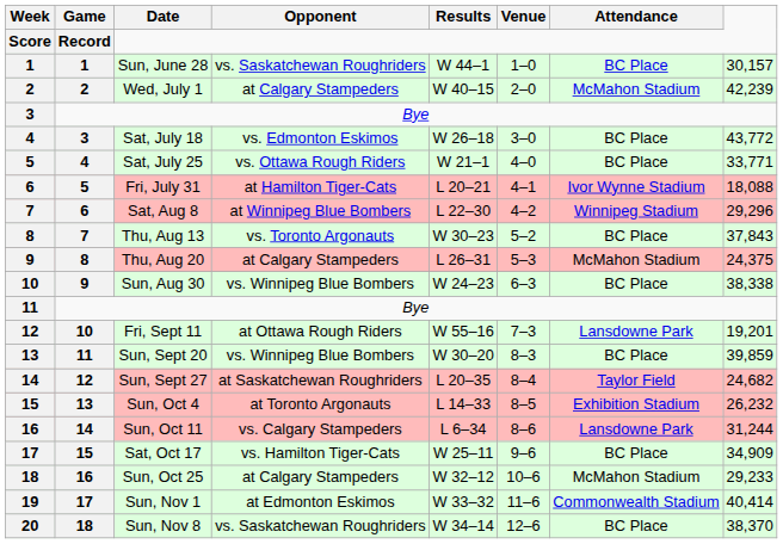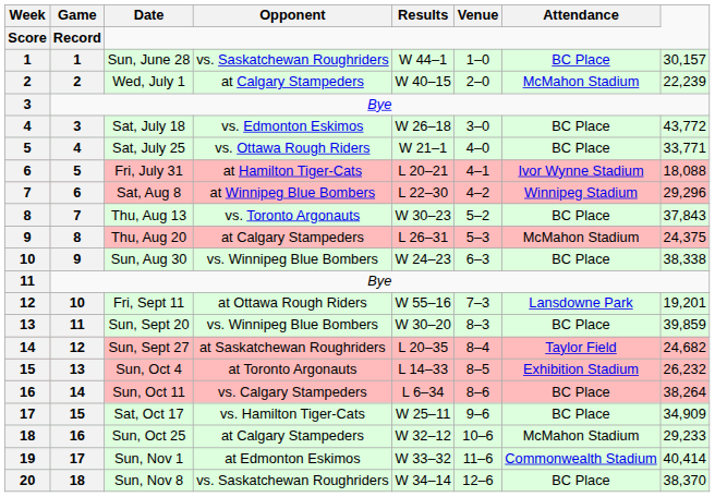 <table class="wikitable" style="text-align:center">
 <tr>
 <th>Week</th>
 <th>Game</th>
 <th>Date</th>
 <th>Opponent</th>
 <th>Results</th>
 <th>Venue</th>
 <th>Attendance</th>
 </tr>
 <tr>
 <th>Score</th>
 <th>Record</th>
 </tr>
 <tr style="background:#ddffdd">
 <th>1</th>
 <th>1</th>
 <td>Sun, June 28</td>
 <td>vs. <a href='#'>Saskatchewan Roughriders</a></td>
 <td>W 44–1</td>
 <td>1–0</td>
 <td><a href='#'>BC Place</a></td>
 <td>30,157</td>
 </tr>
 <tr style="background:#ddffdd">
 <th>2</th>
 <th>2</th>
 <td>Wed, July 1</td>
 <td>at <a href='#'>Calgary Stampeders</a></td>
 <td>W 40–15</td>
 <td>2–0</td>
 <td><a href='#'>McMahon Stadium</a></td>
-<td>42,239</td>
+<td>22,239</td>
 </tr>
 <tr>
 <th>3</th>
 <td colspan=7><em><a href='#'>Bye</a></em></td>
 </tr>
 <tr style="background:#ddffdd">
 <th>4</th>
 <th>3</th>
 <td>Sat, July 18</td>
 <td>vs. <a href='#'>Edmonton Eskimos</a></td>
 <td>W 26–18</td>
 <td>3–0</td>
 <td>BC Place</td>
 <td>43,772</td>
 </tr>
 <tr style="background:#ddffdd">
 <th>5</th>
 <th>4</th>
 <td>Sat, July 25</td>
 <td>vs. <a href='#'>Ottawa Rough Riders</a></td>
 <td>W 21–1</td>
 <td>4–0</td>
 <td>BC Place</td>
 <td>33,771</td>
 </tr>
 <tr style="background:#ffbbbb">
 <th>6</th>
 <th>5</th>
 <td>Fri, July 31</td>
 <td>at <a href='#'>Hamilton Tiger-Cats</a></td>
 <td>L 20–21</td>
 <td>4–1</td>
 <td><a href='#'>Ivor Wynne Stadium</a></td>
 <td>18,088</td>
 </tr>
 <tr style="background:#ffbbbb">
 <th>7</th>
 <th>6</th>
 <td>Sat, Aug 8</td>
 <td>at <a href='#'>Winnipeg Blue Bombers</a></td>
 <td>L 22–30</td>
 <td>4–2</td>
 <td><a href='#'>Winnipeg Stadium</a></td>
 <td>29,296</td>
 </tr>
 <tr style="background:#ddffdd">
 <th>8</th>
 <th>7</th>
 <td>Thu, Aug 13</td>
 <td>vs. <a href='#'>Toronto Argonauts</a></td>
 <td>W 30–23</td>
 <td>5–2</td>
 <td>BC Place</td>
 <td>37,843</td>
 </tr>
 <tr style="background:#ffbbbb">
 <th>9</th>
 <th>8</th>
 <td>Thu, Aug 20</td>
 <td>at Calgary Stampeders</td>
 <td>L 26–31</td>
 <td>5–3</td>
 <td>McMahon Stadium</td>
 <td>24,375</td>
 </tr>
 <tr style="background:#ddffdd">
 <th>10</th>
 <th>9</th>
 <td>Sun, Aug 30</td>
 <td>vs. Winnipeg Blue Bombers</td>
 <td>W 24–23</td>
 <td>6–3</td>
 <td>BC Place</td>
 <td>38,338</td>
 </tr>
 <tr>
 <th>11</th>
 <td colspan=7><em>Bye</em></td>
 </tr>
 <tr style="background:#ddffdd">
 <th>12</th>
 <th>10</th>
 <td>Fri, Sept 11</td>
 <td>at Ottawa Rough Riders</td>
 <td>W 55–16</td>
 <td>7–3</td>
 <td><a href='#'>Lansdowne Park</a></td>
 <td>19,201</td>
 </tr>
 <tr style="background:#ddffdd">
 <th>13</th>
 <th>11</th>
 <td>Sun, Sept 20</td>
 <td>vs. Winnipeg Blue Bombers</td>
 <td>W 30–20</td>
 <td>8–3</td>
 <td>BC Place</td>
 <td>39,859</td>
 </tr>
 <tr style="background:#ffbbbb">
 <th>14</th>
 <th>12</th>
 <td>Sun, Sept 27</td>
 <td>at Saskatchewan Roughriders</td>
 <td>L 20–35</td>
 <td>8–4</td>
 <td><a href='#'>Taylor Field</a></td>
 <td>24,682</td>
 </tr>
 <tr style="background:#ffbbbb">
 <th>15</th>
 <th>13</th>
 <td>Sun, Oct 4</td>
 <td>at Toronto Argonauts</td>
 <td>L 14–33</td>
 <td>8–5</td>
 <td><a href='#'>Exhibition Stadium</a></td>
 <td>26,232</td>
 </tr>
 <tr style="background:#ffbbbb">
 <th>16</th>
 <th>14</th>
 <td>Sun, Oct 11</td>
 <td>vs. Calgary Stampeders</td>
 <td>L 6–34</td>
 <td>8–6</td>
-<td><a href='#'>Lansdowne Park</a></td>
-<td>31,244</td>
+<td>BC Place</td>
+<td>38,264</td>
 </tr>
 <tr style="background:#ddffdd">
 <th>17</th>
 <th>15</th>
 <td>Sat, Oct 17</td>
 <td>vs. Hamilton Tiger-Cats</td>
 <td>W 25–11</td>
 <td>9–6</td>
 <td>BC Place</td>
 <td>34,909</td>
 </tr>
 <tr style="background:#ddffdd">
 <th>18</th>
 <th>16</th>
 <td>Sun, Oct 25</td>
 <td>at Calgary Stampeders</td>
 <td>W 32–12</td>
 <td>10–6</td>
 <td>McMahon Stadium</td>
 <td>29,233</td>
 </tr>
 <tr style="background:#ddffdd">
 <th>19</th>
 <th>17</th>
 <td>Sun, Nov 1</td>
 <td>at Edmonton Eskimos</td>
 <td>W 33–32</td>
 <td>11–6</td>
 <td><a href='#'>Commonwealth Stadium</a></td>
 <td>40,414</td>
 </tr>
 <tr style="background:#ddffdd">
 <th>20</th>
 <th>18</th>
 <td>Sun, Nov 8</td>
 <td>vs. Saskatchewan Roughriders</td>
 <td>W 34–14</td>
 <td>12–6</td>
 <td>BC Place</td>
 <td>38,370</td>
 </tr>
 </table>
